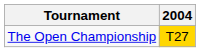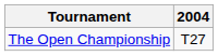 <table class="wikitable" style="font-size:95%;text-align:center;">
 <tr>
 <th>Tournament</th>
 <th>2004</th>
 </tr>
 <tr>
 <td align=left><a href='#'>The Open Championship</a></td>
-<td style="background: gold;">T27</td>
+<td>T27</td>
 </tr>
 </table>
